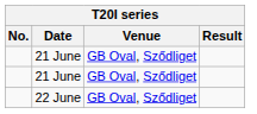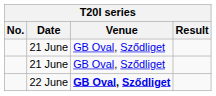 <table class="wikitable">
 <tr>
 <th colspan="5">T20I series</th>
 </tr>
 <tr>
 <th>No.</th>
 <th>Date</th>
 <th>Venue</th>
 <th>Result</th>
 </tr>
 <tr>
 <td></td>
 <td>21 June</td>
 <td><a href='#'>GB Oval</a>, <a href='#'>Sződliget</a></td>
 <td></td>
 </tr>
 <tr>
 <td></td>
 <td>21 June</td>
 <td><a href='#'>GB Oval</a>, <a href='#'>Sződliget</a></td>
 <td></td>
 </tr>
 <tr>
 <td></td>
 <td>22 June</td>
-<td><a href='#'>GB Oval</a>, <a href='#'>Sződliget</a></td>
+<td><strong><a href='#'>GB Oval</a>, <a href='#'>Sződliget</a></strong></td>
 <td></td>
 </tr>
 </table>
